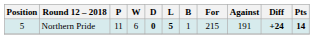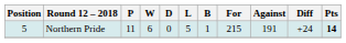 <table class="wikitable" style="text-align:center; font-size:85%;">
 <tr style="background: #d7ebed;">
 <th width="40" abbr="Position">Position</th>
 <th width="100">Round 12 – 2018</th>
 <th width="20" abbr="Played">P</th>
 <th width="20" abbr="Won">W</th>
 <th width="20" abbr="Drawn">D</th>
 <th width="20" abbr="Lost">L</th>
 <th width="20" abbr="Bye">B</th>
 <th width="40" abbr="Points for">For</th>
 <th width="40" abbr="Points against">Against</th>
 <th width="40" abbr="Points difference">Diff</th>
 <th width=20 abbr="Points">Pts</th>
 </tr>
 <tr style="background: #d7ebed;">
 <td>5</td>
 <td style="text-align:left;"> Northern Pride</td>
 <td>11</td>
 <td>6</td>
-<td><strong>0</strong></td>
-<td><strong>5</strong></td>
+<td>0</td>
+<td>5</td>
 <td>1</td>
 <td>215</td>
 <td>191</td>
-<td><strong>+24</strong></td>
+<td>+24</td>
 <td><strong>14</strong></td>
 </tr>
 <tr>
 </tr>
 </table>
